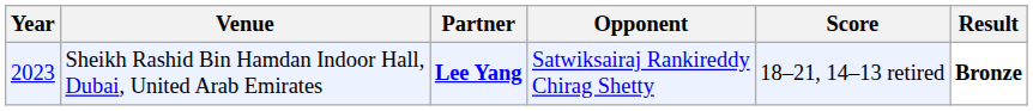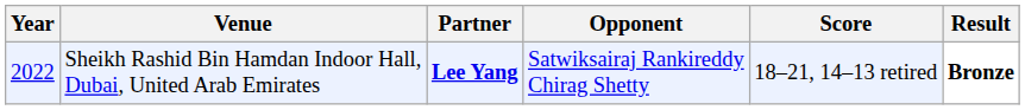 <table class="sortable wikitable" style="font-size: 90%">
 <tr>
 <th>Year</th>
 <th>Venue</th>
 <th>Partner</th>
 <th>Opponent</th>
 <th>Score</th>
 <th>Result</th>
 </tr>
 <tr style="background:#ECF2FF">
-<td align="center"><a href='#'>2023</a></td>
+<td align="center"><a href='#'>2022</a></td>
 <td align="left">Sheikh Rashid Bin Hamdan Indoor Hall,<br><a href='#'>Dubai</a>, United Arab Emirates</td>
 <td align="left"><strong> <a href='#'>Lee Yang</a></strong></td>
 <td align="left"> <a href='#'>Satwiksairaj Rankireddy</a><br> <a href='#'>Chirag Shetty</a></td>
 <td align="left">18–21, 14–13 retired</td>
 <td style="text-align:left; background:white"> <strong>Bronze</strong></td>
 </tr>
 </table>
